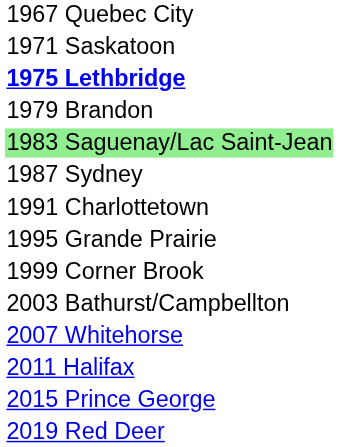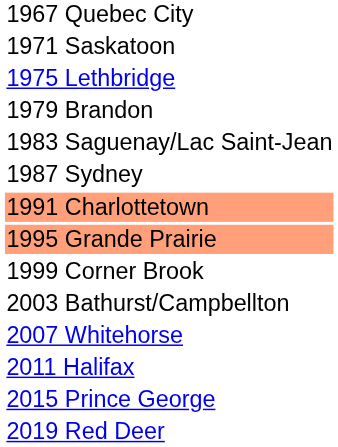 <table>
 <tr>
 <td>1967 Quebec City</td>
 <td></td>
 <td></td>
 <td></td>
 </tr>
 <tr>
 <td>1971 Saskatoon</td>
 <td></td>
 <td></td>
 <td></td>
 </tr>
 <tr>
-<td><strong><a href='#'>1975 Lethbridge</a></strong></td>
+<td><a href='#'>1975 Lethbridge</a></td>
 <td></td>
 <td></td>
 <td></td>
 </tr>
 <tr>
 <td>1979 Brandon</td>
 <td></td>
 <td></td>
 <td></td>
 </tr>
 <tr>
-<td style="background: lightgreen;">1983 Saguenay/Lac Saint-Jean</td>
+<td>1983 Saguenay/Lac Saint-Jean</td>
 <td></td>
 <td></td>
 <td></td>
 </tr>
 <tr>
 <td>1987 Sydney</td>
 <td></td>
 <td></td>
 <td></td>
 </tr>
 <tr>
-<td>1991 Charlottetown</td>
+<td style="background: lightsalmon;">1991 Charlottetown</td>
 <td></td>
 <td></td>
 <td></td>
 </tr>
 <tr>
-<td>1995 Grande Prairie</td>
+<td style="background: lightsalmon;">1995 Grande Prairie</td>
 <td></td>
 <td></td>
 <td></td>
 </tr>
 <tr>
 <td>1999 Corner Brook</td>
 <td></td>
 <td></td>
 <td></td>
 </tr>
 <tr>
 <td>2003 Bathurst/Campbellton</td>
 <td></td>
 <td></td>
 <td></td>
 </tr>
 <tr>
 <td><a href='#'>2007 Whitehorse</a></td>
 <td></td>
 <td></td>
 <td></td>
 </tr>
 <tr>
 <td><a href='#'>2011 Halifax</a></td>
 <td></td>
 <td></td>
 <td></td>
 </tr>
 <tr>
 <td><a href='#'>2015 Prince George</a></td>
 <td></td>
 <td></td>
 <td></td>
 </tr>
 <tr>
 <td><a href='#'>2019 Red Deer</a></td>
 <td></td>
 <td></td>
 <td></td>
 </tr>
 </table>
